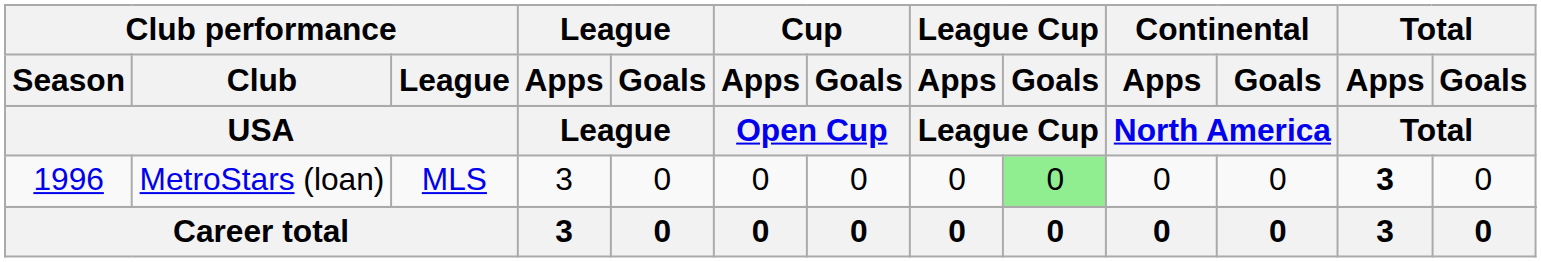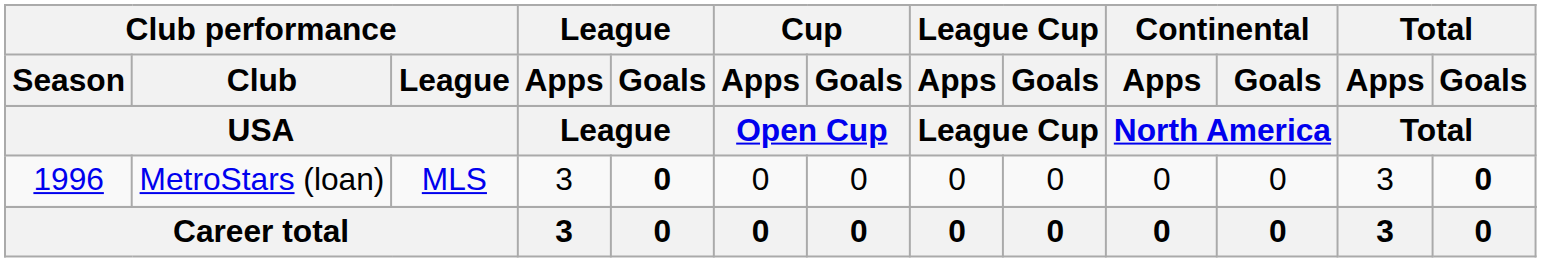 <table class="wikitable" style="text-align:center">
 <tr>
 <th colspan=3>Club performance</th>
 <th colspan=2>League</th>
 <th colspan=2>Cup</th>
 <th colspan=2>League Cup</th>
 <th colspan=2>Continental</th>
 <th colspan=2>Total</th>
 </tr>
 <tr>
 <th>Season</th>
 <th>Club</th>
 <th>League</th>
 <th>Apps</th>
 <th>Goals</th>
 <th>Apps</th>
 <th>Goals</th>
 <th>Apps</th>
 <th>Goals</th>
 <th>Apps</th>
 <th>Goals</th>
 <th>Apps</th>
 <th>Goals</th>
 </tr>
 <tr>
 </tr>
 <tr>
 <th colspan=3>USA</th>
 <th colspan=2>League</th>
 <th colspan=2><a href='#'>Open Cup</a></th>
 <th colspan=2>League Cup</th>
 <th colspan=2><a href='#'>North America</a></th>
 <th colspan=2>Total</th>
 </tr>
 <tr>
 <td><a href='#'>1996</a></td>
 <td><a href='#'>MetroStars</a> (loan)</td>
 <td><a href='#'>MLS</a></td>
 <td>3</td>
+<td><strong>0</strong></td>
 <td>0</td>
 <td>0</td>
 <td>0</td>
 <td>0</td>
-<td style="background: lightgreen;">0</td>
 <td>0</td>
 <td>0</td>
-<td><strong>3</strong></td>
-<td>0</td>
+<td>3</td>
+<td><strong>0</strong></td>
 </tr>
 <tr>
 </tr>
 <tr>
 <th colspan=3>Career total</th>
 <th>3</th>
 <th>0</th>
 <th>0</th>
 <th>0</th>
 <th>0</th>
 <th>0</th>
 <th>0</th>
 <th>0</th>
 <th>3</th>
 <th>0</th>
 </tr>
 </table>
